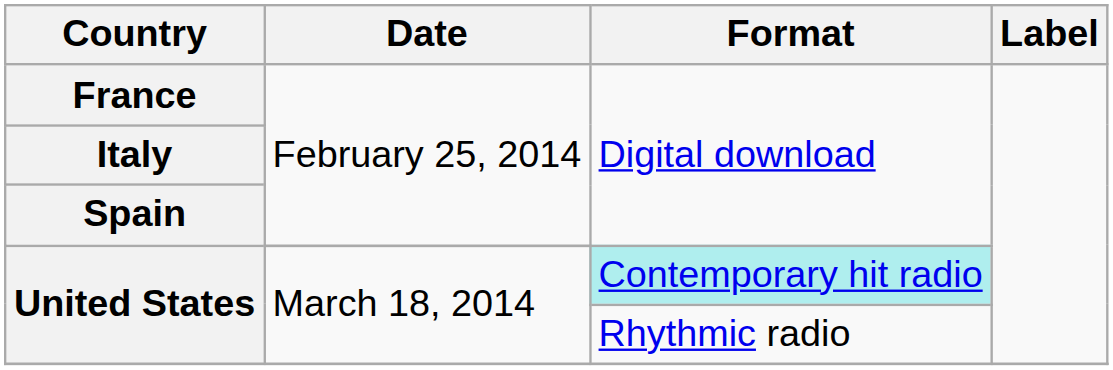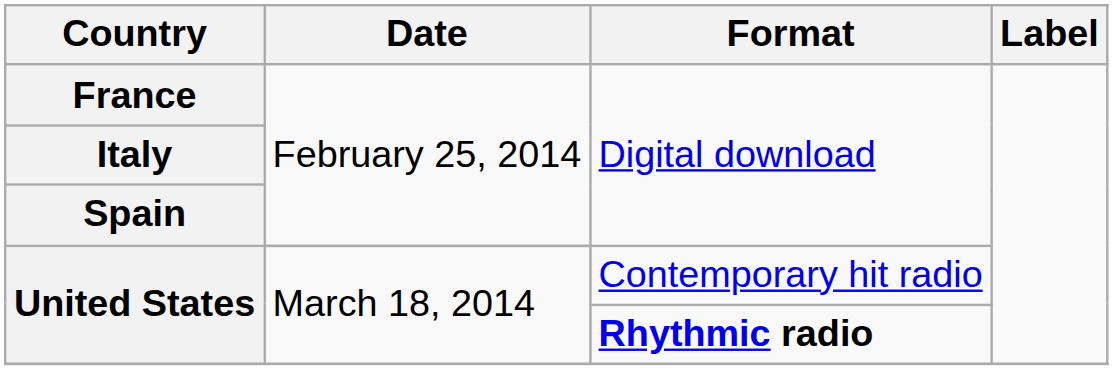 <table class="wikitable plainrowheaders">
 <tr>
 <th scope="col">Country</th>
 <th scope="col">Date</th>
 <th scope="col">Format</th>
 <th scope="col">Label</th>
 </tr>
 <tr>
 <th scope="row">France</th>
 <td rowspan="3">February 25, 2014</td>
 <td rowspan="4"><a href='#'>Digital download</a></td>
 <td rowspan="6"></td>
 </tr>
 <tr>
 <th scope="row">Italy</th>
 </tr>
 <tr>
 <th scope="row">Spain</th>
 </tr>
 <tr>
 <th scope="row" rowspan="3">United States</th>
 </tr>
 <tr>
 <td rowspan="2">March 18, 2014</td>
-<td style="background: paleturquoise;"><a href='#'>Contemporary hit radio</a></td>
+<td><a href='#'>Contemporary hit radio</a></td>
 </tr>
 <tr>
-<td><a href='#'>Rhythmic</a> radio</td>
+<td><strong><a href='#'>Rhythmic</a> radio</strong></td>
 </tr>
 <tr>
 </tr>
 </table>
